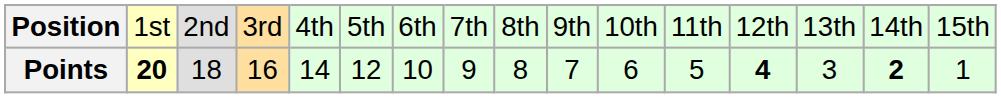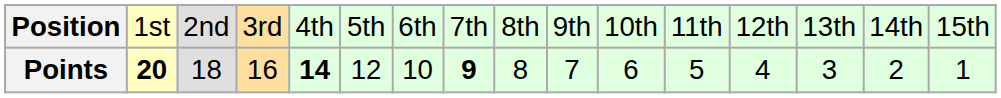 <table class="wikitable" style="font-size:85%; text-align: center">
 <tr>
 <th>Position</th>
 <td style="background:#FFFFBF;">1st</td>
 <td style="background:#DFDFDF;">2nd</td>
 <td style="background:#FFDF9F;">3rd</td>
 <td style="background:#DFFFDF;">4th</td>
 <td style="background:#DFFFDF;">5th</td>
 <td style="background:#DFFFDF;">6th</td>
 <td style="background:#DFFFDF;">7th</td>
 <td style="background:#DFFFDF;">8th</td>
 <td style="background:#DFFFDF;">9th</td>
 <td style="background:#DFFFDF;">10th</td>
 <td style="background:#DFFFDF;">11th</td>
 <td style="background:#DFFFDF;">12th</td>
 <td style="background:#DFFFDF;">13th</td>
 <td style="background:#DFFFDF;">14th</td>
 <td style="background:#DFFFDF;">15th</td>
 </tr>
 <tr>
 <th>Points</th>
 <td style="background:#FFFFBF;"><strong>20</strong></td>
 <td style="background:#DFDFDF;">18</td>
 <td style="background:#FFDF9F;">16</td>
-<td style="background:#DFFFDF;">14</td>
+<td style="background:#DFFFDF;"><strong>14</strong></td>
 <td style="background:#DFFFDF;">12</td>
 <td style="background:#DFFFDF;">10</td>
-<td style="background:#DFFFDF;">9</td>
+<td style="background:#DFFFDF;"><strong>9</strong></td>
 <td style="background:#DFFFDF;">8</td>
 <td style="background:#DFFFDF;">7</td>
 <td style="background:#DFFFDF;">6</td>
 <td style="background:#DFFFDF;">5</td>
-<td style="background:#DFFFDF;"><strong>4</strong></td>
+<td style="background:#DFFFDF;">4</td>
 <td style="background:#DFFFDF;">3</td>
-<td style="background:#DFFFDF;"><strong>2</strong></td>
+<td style="background:#DFFFDF;">2</td>
 <td style="background:#DFFFDF;">1</td>
 </tr>
 </table>
